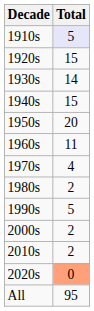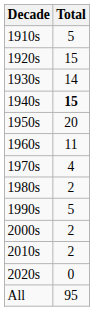 <table class="sortable wikitable" style="text-align:center">
 <tr>
 <th>Decade</th>
 <th>Total</th>
 </tr>
 <tr>
 <td align="left">1910s</td>
-<td style="background: lavender;">5</td>
+<td>5</td>
 </tr>
 <tr>
 <td align="left">1920s</td>
 <td>15</td>
 </tr>
 <tr>
 <td align="left">1930s</td>
 <td>14</td>
 </tr>
 <tr>
 <td align="left">1940s</td>
-<td>15</td>
+<td><strong>15</strong></td>
 </tr>
 <tr>
 <td align="left">1950s</td>
 <td>20</td>
 </tr>
 <tr>
 <td align="left">1960s</td>
 <td>11</td>
 </tr>
 <tr>
 <td align="left">1970s</td>
 <td>4</td>
 </tr>
 <tr>
 <td align="left">1980s</td>
 <td>2</td>
 </tr>
 <tr>
 <td align="left">1990s</td>
 <td>5</td>
 </tr>
 <tr>
 <td align="left">2000s</td>
 <td>2</td>
 </tr>
 <tr>
 <td align="left">2010s</td>
 <td>2</td>
 </tr>
 <tr>
 <td align="left">2020s</td>
-<td style="background: lightsalmon;">0</td>
+<td>0</td>
 </tr>
 <tr>
 <td align="left">All</td>
 <td>95</td>
 </tr>
 </table>
